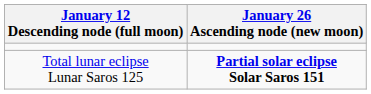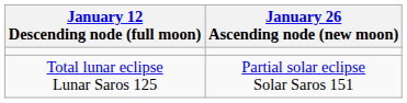 <table class="wikitable">
 <tr>
 <th><a href='#'>January 12</a><br>Descending node (full moon)<br></th>
 <th><a href='#'>January 26</a><br>Ascending node (new moon)<br></th>
 </tr>
 <tr>
 <td></td>
 <td></td>
 </tr>
 <tr align=center>
 <td><a href='#'>Total lunar eclipse</a><br>Lunar Saros 125</td>
-<td><strong><a href='#'>Partial solar eclipse</a><br>Solar Saros 151</strong></td>
+<td><a href='#'>Partial solar eclipse</a><br>Solar Saros 151</td>
 </tr>
 </table>
